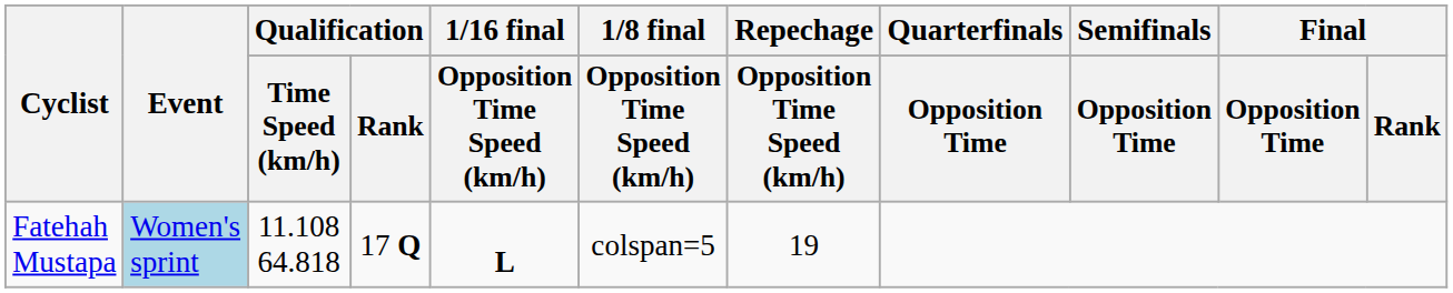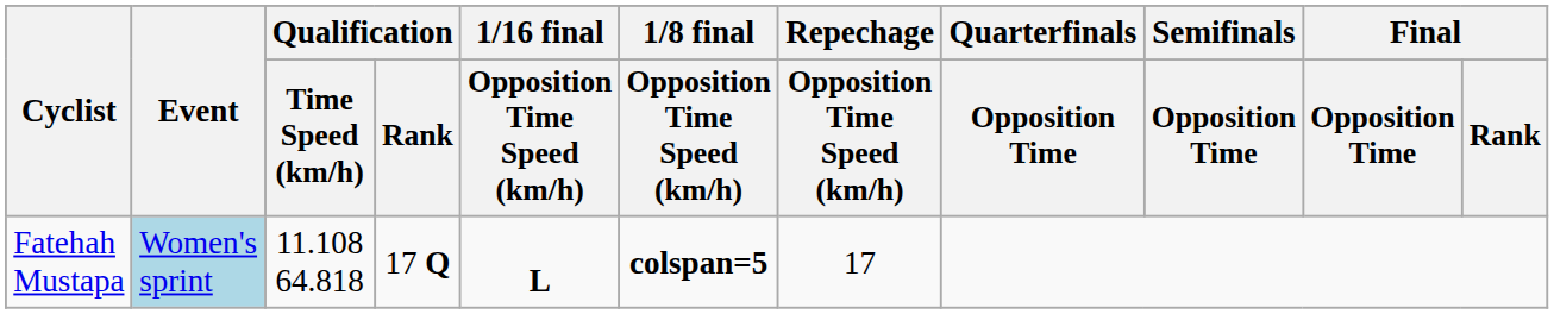 <table class="wikitable" style="font-size:90%">
 <tr>
 <th rowspan=2>Cyclist</th>
 <th rowspan=2>Event</th>
 <th colspan=2>Qualification</th>
 <th>1/16 final</th>
 <th>1/8 final</th>
 <th>Repechage</th>
 <th>Quarterfinals</th>
 <th>Semifinals</th>
 <th colspan=2>Final</th>
 </tr>
 <tr style="font-size:95%">
 <th>Time<br>Speed (km/h)</th>
 <th>Rank</th>
 <th>Opposition<br>Time<br>Speed (km/h)</th>
 <th>Opposition<br>Time<br>Speed (km/h)</th>
 <th>Opposition<br>Time<br>Speed (km/h)</th>
 <th>Opposition<br>Time</th>
 <th>Opposition<br>Time</th>
 <th>Opposition<br>Time</th>
 <th>Rank</th>
 </tr>
 <tr align=center>
 <td align=left><a href='#'>Fatehah Mustapa</a></td>
 <td align=left style="background: lightblue;"><a href='#'>Women's sprint</a></td>
 <td>11.108<br>64.818</td>
 <td>17 <strong>Q</strong></td>
 <td><br><strong>L</strong></td>
-<td>colspan=5 </td>
-<td>19</td>
+<td><strong>colspan=5 </strong></td>
+<td>17</td>
 </tr>
 </table>
